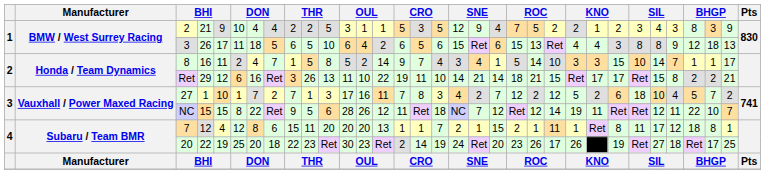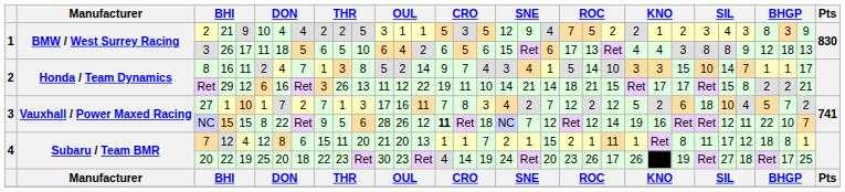 <table class="wikitable" style="font-size: 85%; text-align: center">
 <tr valign="top">
 <th valign="middle"></th>
 <th valign="middle">Manufacturer</th>
 <th colspan="3"><a href='#'>BHI</a></th>
 <th colspan="3"><a href='#'>DON</a></th>
 <th colspan="3"><a href='#'>THR</a></th>
 <th colspan="3"><a href='#'>OUL</a></th>
 <th colspan="3"><a href='#'>CRO</a></th>
 <th colspan="3"><a href='#'>SNE</a></th>
 <th colspan="3"><a href='#'>ROC</a></th>
 <th colspan="3"><a href='#'>KNO</a></th>
 <th colspan="3"><a href='#'>SIL</a></th>
 <th colspan="3"><a href='#'>BHGP</a></th>
 <th valign=middle>Pts</th>
 </tr>
 <tr>
 <th rowspan=2>1</th>
 <th rowspan=2><a href='#'>BMW</a> / <a href='#'>West Surrey Racing</a></th>
 <td style="background:#ffffbf;">2</td>
 <td style="background:#dfffdf;">21</td>
 <td style="background:#dfdfdf;">9</td>
 <td style="background:#dfffdf;">10</td>
 <td style="background:#dfffdf;">4</td>
 <td style="background:#dfdfdf;">4</td>
 <td style="background:#dfdfdf;">2</td>
 <td style="background:#dfdfdf;">2</td>
 <td style="background:#dfdfdf;">5</td>
 <td style="background:#ffffbf;">3</td>
 <td style="background:#ffffbf;">1</td>
 <td style="background:#ffffbf;">1</td>
 <td style="background:#ffdf9f;">5</td>
 <td style="background:#dfdfdf;">3</td>
 <td style="background:#ffdf9f;">5</td>
 <td style="background:#dfffdf;">12</td>
 <td style="background:#dfffdf;">9</td>
 <td style="background:#dfdfdf;">4</td>
 <td style="background:#ffdf9f;">7</td>
 <td style="background:#ffdf9f;">5</td>
 <td style="background:#ffffbf;">2</td>
 <td style="background:#dfdfdf;">2</td>
 <td style="background:#ffffbf;">1</td>
 <td style="background:#ffffbf;">2</td>
 <td style="background:#ffffbf;">3</td>
 <td style="background:#ffffbf;">4</td>
 <td style="background:#ffffbf;">3</td>
 <td style="background:#dfffdf;">8</td>
 <td style="background:#ffdf9f;">3</td>
 <td style="background:#dfffdf;">9</td>
 <th rowspan=2>830</th>
 </tr>
 <tr>
 <td style="background:#dfdfdf;">3</td>
 <td style="background:#dfffdf;">26</td>
 <td style="background:#dfffdf;">17</td>
 <td style="background:#dfffdf;">11</td>
 <td style="background:#dfffdf;">18</td>
 <td style="background:#ffdf9f;">5</td>
 <td style="background:#dfffdf;">6</td>
 <td style="background:#dfffdf;">5</td>
 <td style="background:#dfffdf;">10</td>
 <td style="background:#ffdf9f;">6</td>
 <td style="background:#ffdf9f;">4</td>
 <td style="background:#dfdfdf;">2</td>
 <td style="background:#dfffdf;">6</td>
 <td style="background:#ffdf9f;">5</td>
 <td style="background:#dfffdf;">6</td>
 <td style="background:#dfffdf;">15</td>
 <td style="background:#efcfff;">Ret</td>
 <td style="background:#ffdf9f;">6</td>
-<td style="background:#dfffdf;">15</td>
+<td style="background:#dfffdf;">17</td>
 <td style="background:#dfffdf;">13</td>
 <td style="background:#efcfff;">Ret</td>
 <td style="background:#dfffdf;">4</td>
 <td style="background:#dfffdf;">4</td>
 <td style="background:#dfdfdf;">3</td>
 <td style="background:#dfdfdf;">8</td>
 <td style="background:#dfdfdf;">8</td>
 <td style="background:#dfffdf;">9</td>
 <td style="background:#dfffdf;">12</td>
 <td style="background:#dfffdf;">18</td>
 <td style="background:#dfffdf;">13</td>
 </tr>
 <tr>
 <th rowspan=2>2</th>
 <th rowspan=2><a href='#'>Honda</a> / <a href='#'>Team Dynamics</a></th>
 <td style="background:#dfffdf;">8</td>
 <td style="background:#dfffdf;">16</td>
 <td style="background:#dfffdf;">11</td>
 <td style="background:#dfdfdf;">2</td>
 <td style="background:#ffffbf;">4</td>
 <td style="background:#dfffdf;">7</td>
 <td style="background:#ffffbf;">1</td>
-<td style="background:#ffdf9f;">5</td>
+<td style="background:#ffdf9f;">3</td>
 <td style="background:#dfffdf;">8</td>
 <td style="background:#dfdfdf;">5</td>
 <td style="background:#dfdfdf;">2</td>
 <td style="background:#dfffdf;">14</td>
 <td style="background:#dfffdf;">9</td>
 <td style="background:#dfffdf;">7</td>
 <td style="background:#dfdfdf;">4</td>
 <td style="background:#dfdfdf;">3</td>
 <td style="background:#ffdf9f;">4</td>
 <td style="background:#ffffbf;">1</td>
 <td style="background:#dfdfdf;">5</td>
 <td style="background:#dfffdf;">14</td>
 <td style="background:#dfdfdf;">10</td>
 <td style="background:#ffdf9f;">3</td>
 <td style="background:#ffdf9f;">3</td>
 <td style="background:#dfffdf;">15</td>
 <td style="background:#ffdf9f;">10</td>
 <td style="background:#dfffdf;">14</td>
 <td style="background:#ffdf9f;">7</td>
 <td style="background:#ffffbf;">1</td>
 <td style="background:#ffffbf;">1</td>
 <td style="background:#dfffdf;">17</td>
 <th rowspan=2></th>
 </tr>
 <tr>
 <td style="background:#efcfff;">Ret</td>
 <td style="background:#dfffdf;">29</td>
 <td style="background:#dfffdf;">12</td>
 <td style="background:#ffdf9f;">6</td>
 <td style="background:#dfffdf;">16</td>
 <td style="background:#efcfff;">Ret</td>
 <td style="background:#ffdf9f;">3</td>
 <td style="background:#dfffdf;">26</td>
 <td style="background:#dfffdf;">13</td>
 <td style="background:#dfffdf;">11</td>
-<td style="background:#dfffdf;">10</td>
+<td style="background:#dfffdf;">12</td>
 <td style="background:#dfffdf;">22</td>
 <td style="background:#dfffdf;">19</td>
 <td style="background:#dfffdf;">11</td>
 <td style="background:#dfffdf;">10</td>
 <td style="background:#dfffdf;">14</td>
 <td style="background:#dfffdf;">21</td>
 <td style="background:#dfffdf;">14</td>
 <td style="background:#dfffdf;">18</td>
 <td style="background:#dfffdf;">21</td>
 <td style="background:#dfffdf;">15</td>
 <td style="background:#efcfff;">Ret</td>
 <td style="background:#dfffdf;">17</td>
 <td style="background:#dfffdf;">17</td>
 <td style="background:#efcfff;">Ret</td>
 <td style="background:#dfffdf;">15</td>
 <td style="background:#dfffdf;">8</td>
 <td style="background:#dfdfdf;">2</td>
 <td style="background:#dfdfdf;">2</td>
 <td style="background:#dfffdf;">21</td>
 </tr>
 <tr>
 <th rowspan=2>3</th>
 <th rowspan=2 nowrap><a href='#'>Vauxhall</a> / <a href='#'>Power Maxed Racing</a></th>
 <td style="background:#dfffdf;">27</td>
 <td style="background:#ffffbf;">1</td>
 <td style="background:#ffdf9f;">10</td>
 <td style="background:#ffffbf;">1</td>
 <td style="background:#dfdfdf;">7</td>
 <td style="background:#ffffbf;">2</td>
 <td style="background:#dfffdf;">7</td>
 <td style="background:#ffffbf;">1</td>
 <td style="background:#ffffbf;">3</td>
 <td style="background:#dfffdf;">17</td>
 <td style="background:#dfffdf;">16</td>
 <td style="background:#ffdf9f;">11</td>
 <td style="background:#dfffdf;">7</td>
 <td style="background:#dfffdf;">8</td>
 <td style="background:#ffffbf;">3</td>
 <td style="background:#ffdf9f;">4</td>
 <td style="background:#dfdfdf;">2</td>
 <td style="background:#dfffdf;">7</td>
 <td style="background:#dfffdf;">12</td>
 <td style="background:#dfdfdf;">2</td>
 <td style="background:#dfffdf;">12</td>
 <td style="background:#dfffdf;">5</td>
 <td style="background:#dfdfdf;">2</td>
 <td style="background:#ffdf9f;">6</td>
 <td style="background:#dfffdf;">18</td>
 <td style="background:#ffdf9f;">10</td>
 <td style="background:#dfdfdf;">4</td>
 <td style="background:#ffdf9f;">5</td>
 <td style="background:#dfffdf;">7</td>
 <td style="background:#dfdfdf;">2</td>
 <th rowspan=2>741</th>
 </tr>
 <tr>
 <td style="background:#cfcfff;">NC</td>
 <td style="background:#ffdf9f;">15</td>
 <td style="background:#dfffdf;">15</td>
 <td style="background:#dfffdf;">8</td>
 <td style="background:#dfffdf;">22</td>
 <td style="background:#efcfff;">Ret</td>
 <td style="background:#dfffdf;">9</td>
 <td style="background:#dfffdf;">5</td>
 <td style="background:#ffdf9f;">6</td>
 <td style="background:#dfffdf;">28</td>
 <td style="background:#dfffdf;">26</td>
 <td style="background:#dfffdf;">12</td>
-<td style="background:#dfffdf;">11</td>
+<td style="background:#dfffdf;"><strong>11</strong></td>
 <td style="background:#efcfff;">Ret</td>
 <td style="background:#dfffdf;">18</td>
 <td style="background:#cfcfff;">NC</td>
 <td style="background:#dfffdf;">7</td>
 <td style="background:#dfffdf;">12</td>
 <td style="background:#efcfff;">Ret</td>
 <td style="background:#dfffdf;">12</td>
 <td style="background:#dfffdf;">14</td>
 <td style="background:#dfffdf;">19</td>
-<td style="background:#dfffdf;">11</td>
+<td style="background:#dfffdf;">16</td>
 <td style="background:#efcfff;">Ret</td>
 <td style="background:#efcfff;">Ret</td>
 <td style="background:#dfffdf;">12</td>
 <td style="background:#dfffdf;">11</td>
 <td style="background:#dfffdf;">22</td>
 <td style="background:#dfffdf;">10</td>
 <td style="background:#ffdf9f;">7</td>
 </tr>
 <tr>
 <th rowspan=2>4</th>
 <th rowspan=2><a href='#'>Subaru</a> / <a href='#'>Team BMR</a></th>
 <td style="background:#ffdf9f;">7</td>
 <td style="background:#dfdfdf;">12</td>
 <td style="background:#ffffbf;">4</td>
 <td style="background:#dfffdf;">12</td>
 <td style="background:#ffdf9f;">8</td>
 <td style="background:#dfffdf;">6</td>
 <td style="background:#dfffdf;">15</td>
 <td style="background:#dfffdf;">11</td>
 <td style="background:#dfffdf;">20</td>
-<td style="background:#dfffdf;">20</td>
+<td style="background:#dfffdf;">21</td>
 <td style="background:#dfffdf;">20</td>
 <td style="background:#dfffdf;">13</td>
 <td style="background:#ffffbf;">1</td>
 <td style="background:#ffffbf;">1</td>
 <td style="background:#dfffdf;">7</td>
 <td style="background:#ffffbf;">2</td>
 <td style="background:#ffffbf;">1</td>
 <td style="background:#dfffdf;">15</td>
 <td style="background:#ffffbf;">2</td>
 <td style="background:#ffffbf;">1</td>
 <td style="background:#ffdf9f;">11</td>
 <td style="background:#ffffbf;">1</td>
 <td style="background:#efcfff;">Ret</td>
 <td style="background:#dfffdf;">8</td>
 <td style="background:#dfffdf;">11</td>
 <td style="background:#dfffdf;">17</td>
 <td style="background:#dfffdf;">12</td>
 <td style="background:#dfffdf;">18</td>
 <td style="background:#dfffdf;">8</td>
 <td style="background:#ffffbf;">1</td>
 <th rowspan=2></th>
 </tr>
 <tr>
 <td style="background:#dfffdf;">20</td>
 <td style="background:#dfffdf;">22</td>
 <td style="background:#dfffdf;">19</td>
 <td style="background:#dfffdf;">25</td>
 <td style="background:#dfffdf;">20</td>
 <td style="background:#dfffdf;">18</td>
 <td style="background:#dfffdf;">22</td>
 <td style="background:#dfffdf;">23</td>
 <td style="background:#efcfff;">Ret</td>
 <td style="background:#dfffdf;">30</td>
 <td style="background:#dfffdf;">23</td>
 <td style="background:#efcfff;">Ret</td>
-<td style="background:#dfdfdf;">2</td>
+<td style="background:#dfdfdf;">4</td>
 <td style="background:#dfffdf;">14</td>
 <td style="background:#dfffdf;">19</td>
 <td style="background:#dfffdf;">24</td>
 <td style="background:#efcfff;">Ret</td>
 <td style="background:#dfffdf;">20</td>
 <td style="background:#dfffdf;">23</td>
 <td style="background:#dfffdf;">26</td>
 <td style="background:#dfffdf;">17</td>
 <td style="background:#dfffdf;">26</td>
 <td style="background-color:#000000; color:white"></td>
 <td style="background:#dfffdf;">19</td>
 <td style="background:#efcfff;">Ret</td>
 <td style="background:#dfffdf;">27</td>
 <td style="background:#dfffdf;">18</td>
 <td style="background:#efcfff;">Ret</td>
 <td style="background:#dfffdf;">17</td>
 <td style="background:#dfffdf;">25</td>
 </tr>
 <tr valign="bottom">
 <th valign="middle"></th>
 <th valign="middle">Manufacturer</th>
 <th colspan="3"><a href='#'>BHI</a></th>
 <th colspan="3"><a href='#'>DON</a></th>
 <th colspan="3"><a href='#'>THR</a></th>
 <th colspan="3"><a href='#'>OUL</a></th>
 <th colspan="3"><a href='#'>CRO</a></th>
 <th colspan="3"><a href='#'>SNE</a></th>
 <th colspan="3"><a href='#'>ROC</a></th>
 <th colspan="3"><a href='#'>KNO</a></th>
 <th colspan="3"><a href='#'>SIL</a></th>
 <th colspan="3"><a href='#'>BHGP</a></th>
 <th valign=middle>Pts</th>
 </tr>
 <tr>
 </tr>
 </table>
